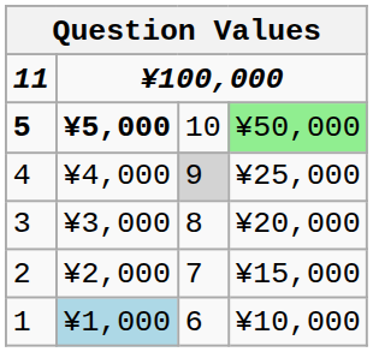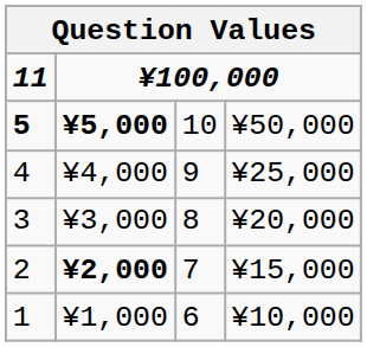 <table class="wikitable">
 <tr>
 <th colspan=4>Question Values</th>
 </tr>
 <tr>
 <td><strong><em>11</em></strong></td>
 <td colspan=3 style="text-align:center;"><strong><em>¥100,000</em></strong></td>
 </tr>
 <tr>
 <td><strong>5</strong></td>
 <td><strong>¥5,000</strong></td>
 <td>10</td>
-<td style="background: lightgreen;">¥50,000</td>
+<td>¥50,000</td>
 </tr>
 <tr>
 <td>4</td>
 <td>¥4,000</td>
-<td style="background: lightgrey;">9</td>
+<td>9</td>
 <td>¥25,000</td>
 </tr>
 <tr>
 <td>3</td>
 <td>¥3,000</td>
 <td>8</td>
 <td>¥20,000</td>
 </tr>
 <tr>
 <td>2</td>
-<td>¥2,000</td>
+<td><strong>¥2,000</strong></td>
 <td>7</td>
 <td>¥15,000</td>
 </tr>
 <tr>
 <td>1</td>
-<td style="background: lightblue;">¥1,000</td>
+<td>¥1,000</td>
 <td>6</td>
 <td>¥10,000</td>
 </tr>
 </table>
